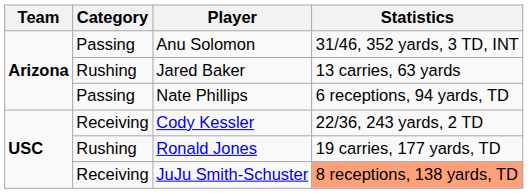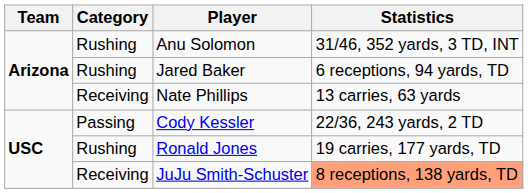 <table class="wikitable" style="float: right;">
 <tr>
 <th>Team</th>
 <th>Category</th>
 <th>Player</th>
 <th>Statistics</th>
 </tr>
 <tr>
 <td rowspan=3><strong>Arizona</strong></td>
-<td>Passing</td>
+<td>Rushing</td>
 <td>Anu Solomon</td>
 <td>31/46, 352 yards, 3 TD, INT</td>
 </tr>
 <tr>
 <td>Rushing</td>
 <td>Jared Baker</td>
+<td>6 receptions, 94 yards, TD</td>
+</tr>
+<tr>
+<td>Receiving</td>
+<td>Nate Phillips</td>
 <td>13 carries, 63 yards</td>
 </tr>
 <tr>
+<td rowspan=3><strong>USC</strong></td>
 <td>Passing</td>
-<td>Nate Phillips</td>
-<td>6 receptions, 94 yards, TD</td>
-</tr>
-<tr>
-<td rowspan=3><strong>USC</strong></td>
-<td>Receiving</td>
 <td><a href='#'>Cody Kessler</a></td>
 <td>22/36, 243 yards, 2 TD</td>
 </tr>
 <tr>
 <td>Rushing</td>
 <td><a href='#'>Ronald Jones</a></td>
 <td>19 carries, 177 yards, TD</td>
 </tr>
 <tr>
 <td>Receiving</td>
 <td><a href='#'>JuJu Smith-Schuster</a></td>
 <td style="background: lightsalmon;">8 receptions, 138 yards, TD</td>
 </tr>
 </table>
